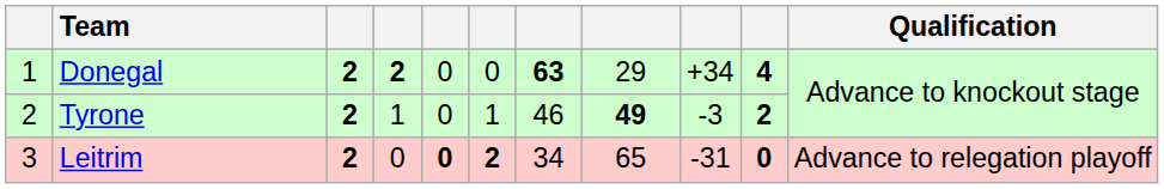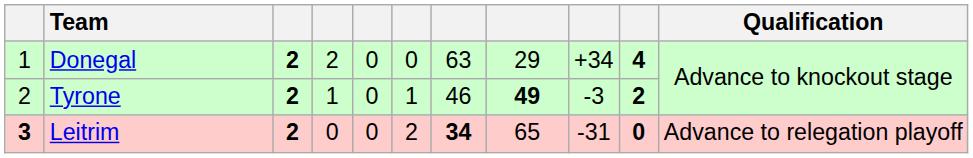 <table class="wikitable" style="text-align:center">
 <tr>
 <th width=20></th>
 <th width=150 style="text-align:left;">Team</th>
 <th width=20></th>
 <th width=20></th>
 <th width=20></th>
 <th width=20></th>
 <th width=30></th>
 <th width=50></th>
 <th width=20></th>
 <th width=20></th>
 <th>Qualification</th>
 </tr>
 <tr style="background:#ccffcc">
 <td>1</td>
 <td align=left> <a href='#'>Donegal</a></td>
 <td><strong>2</strong></td>
-<td><strong>2</strong></td>
+<td>2</td>
 <td>0</td>
 <td>0</td>
-<td><strong>63</strong></td>
+<td>63</td>
 <td>29</td>
 <td>+34</td>
 <td><strong>4</strong></td>
 <td rowspan="2">Advance to knockout stage</td>
 </tr>
 <tr style="background:#ccffcc">
 <td>2</td>
 <td align=left> <a href='#'>Tyrone</a></td>
 <td><strong>2</strong></td>
 <td>1</td>
 <td>0</td>
 <td>1</td>
 <td>46</td>
 <td><strong>49</strong></td>
 <td>-3</td>
 <td><strong>2</strong></td>
 </tr>
 <tr style="background:#ffcccc">
-<td>3</td>
+<td><strong>3</strong></td>
 <td align=left><a href='#'>Leitrim</a></td>
 <td><strong>2</strong></td>
 <td>0</td>
-<td><strong>0</strong></td>
-<td><strong>2</strong></td>
-<td>34</td>
+<td>0</td>
+<td>2</td>
+<td><strong>34</strong></td>
 <td>65</td>
 <td>-31</td>
 <td><strong>0</strong></td>
 <td>Advance to relegation playoff</td>
 </tr>
 </table>
